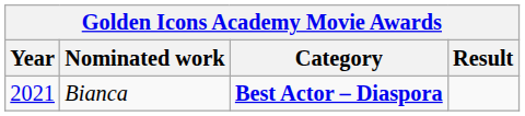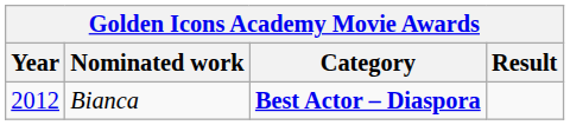 <table class="wikitable">
 <tr>
 <th colspan="5"><a href='#'>Golden Icons Academy Movie Awards</a></th>
 </tr>
 <tr>
 <th>Year</th>
 <th>Nominated work</th>
 <th>Category</th>
 <th>Result</th>
 </tr>
 <tr>
-<td><a href='#'>2021</a></td>
+<td><a href='#'>2012</a></td>
 <td><em>Bianca</em></td>
 <td><strong><a href='#'>Best Actor – Diaspora</a></strong></td>
 <td></td>
 </tr>
 </table>
